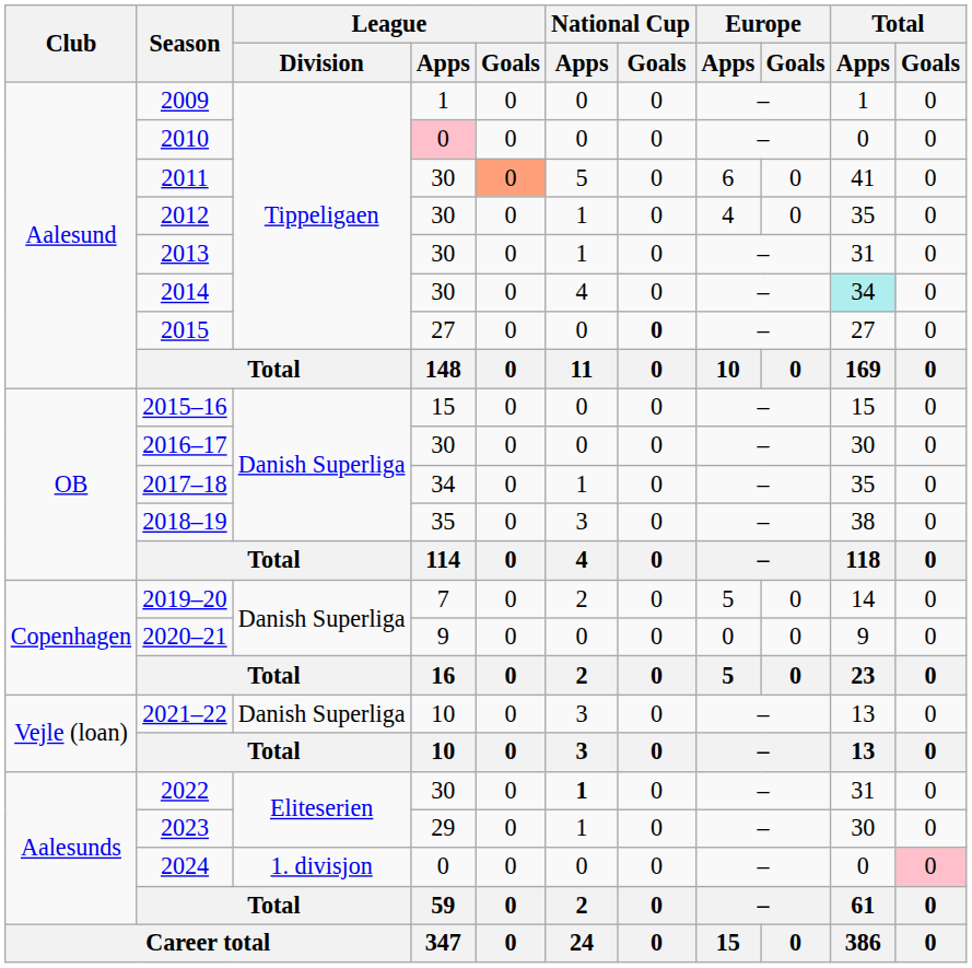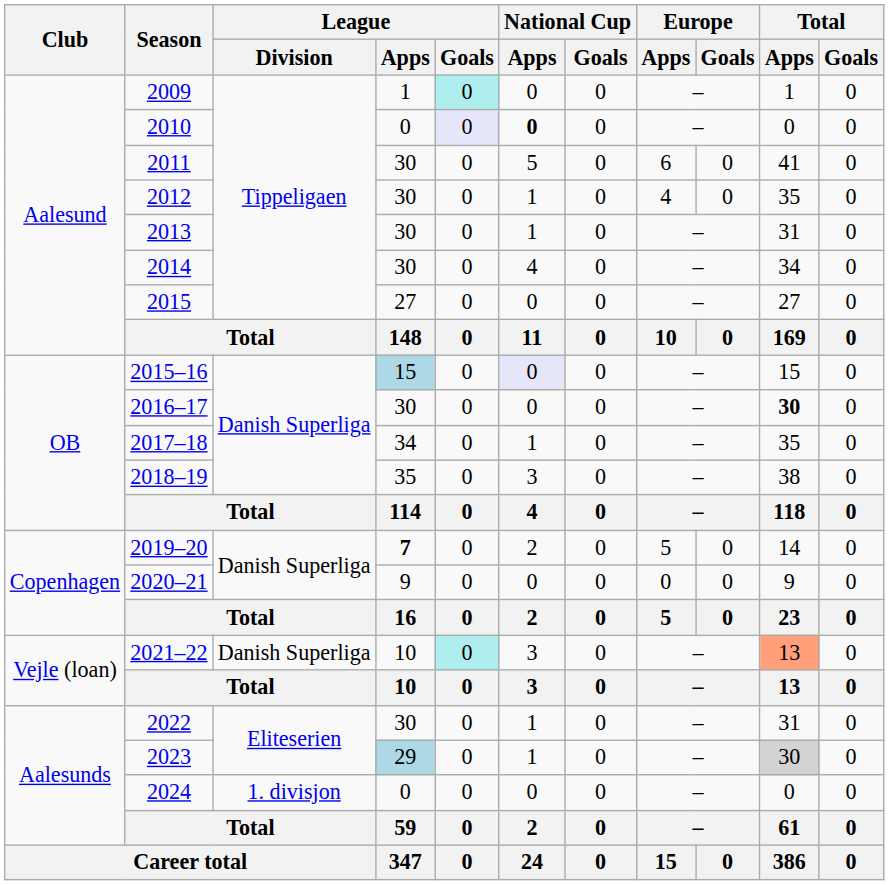 <table class="wikitable" style="text-align:center">
 <tr>
 <th rowspan="2">Club</th>
 <th rowspan="2">Season</th>
 <th colspan="3">League</th>
 <th colspan="2">National Cup</th>
 <th colspan="2">Europe</th>
 <th colspan="2">Total</th>
 </tr>
 <tr>
 <th>Division</th>
 <th>Apps</th>
 <th>Goals</th>
 <th>Apps</th>
 <th>Goals</th>
 <th>Apps</th>
 <th>Goals</th>
 <th>Apps</th>
 <th>Goals</th>
 </tr>
 <tr>
 <td rowspan="8"><a href='#'>Aalesund</a></td>
 <td><a href='#'>2009</a></td>
 <td rowspan="7"><a href='#'>Tippeligaen</a></td>
 <td>1</td>
-<td>0</td>
+<td style="background: paleturquoise;">0</td>
 <td>0</td>
 <td>0</td>
 <td colspan="2">–</td>
 <td>1</td>
 <td>0</td>
 </tr>
 <tr>
 <td><a href='#'>2010</a></td>
-<td style="background: pink;">0</td>
 <td>0</td>
-<td>0</td>
+<td style="background: lavender;">0</td>
+<td><strong>0</strong></td>
 <td>0</td>
 <td colspan="2">–</td>
 <td>0</td>
 <td>0</td>
 </tr>
 <tr>
 <td><a href='#'>2011</a></td>
 <td>30</td>
-<td style="background: lightsalmon;">0</td>
+<td>0</td>
 <td>5</td>
 <td>0</td>
 <td>6</td>
 <td>0</td>
 <td>41</td>
 <td>0</td>
 </tr>
 <tr>
 <td><a href='#'>2012</a></td>
 <td>30</td>
 <td>0</td>
 <td>1</td>
 <td>0</td>
 <td>4</td>
 <td>0</td>
 <td>35</td>
 <td>0</td>
 </tr>
 <tr>
 <td><a href='#'>2013</a></td>
 <td>30</td>
 <td>0</td>
 <td>1</td>
 <td>0</td>
 <td colspan="2">–</td>
 <td>31</td>
 <td>0</td>
 </tr>
 <tr>
 <td><a href='#'>2014</a></td>
 <td>30</td>
 <td>0</td>
 <td>4</td>
 <td>0</td>
 <td colspan="2">–</td>
-<td style="background: paleturquoise;">34</td>
+<td>34</td>
 <td>0</td>
 </tr>
 <tr>
 <td><a href='#'>2015</a></td>
 <td>27</td>
 <td>0</td>
 <td>0</td>
-<td><strong>0</strong></td>
+<td>0</td>
 <td colspan="2">–</td>
 <td>27</td>
 <td>0</td>
 </tr>
 <tr>
 <th colspan="2">Total</th>
 <th>148</th>
 <th>0</th>
 <th>11</th>
 <th>0</th>
 <th>10</th>
 <th>0</th>
 <th>169</th>
 <th>0</th>
 </tr>
 <tr>
 <td rowspan="5"><a href='#'>OB</a></td>
 <td><a href='#'>2015–16</a></td>
 <td rowspan="4"><a href='#'>Danish Superliga</a></td>
-<td>15</td>
+<td style="background: lightblue;">15</td>
 <td>0</td>
-<td>0</td>
+<td style="background: lavender;">0</td>
 <td>0</td>
 <td colspan="2">–</td>
 <td>15</td>
 <td>0</td>
 </tr>
 <tr>
 <td><a href='#'>2016–17</a></td>
 <td>30</td>
 <td>0</td>
 <td>0</td>
 <td>0</td>
 <td colspan="2">–</td>
-<td>30</td>
+<td><strong>30</strong></td>
 <td>0</td>
 </tr>
 <tr>
 <td><a href='#'>2017–18</a></td>
 <td>34</td>
 <td>0</td>
 <td>1</td>
 <td>0</td>
 <td colspan="2">–</td>
 <td>35</td>
 <td>0</td>
 </tr>
 <tr>
 <td><a href='#'>2018–19</a></td>
 <td>35</td>
 <td>0</td>
 <td>3</td>
 <td>0</td>
 <td colspan="2">–</td>
 <td>38</td>
 <td>0</td>
 </tr>
 <tr>
 <th colspan="2">Total</th>
 <th>114</th>
 <th>0</th>
 <th>4</th>
 <th>0</th>
 <th colspan="2">–</th>
 <th>118</th>
 <th>0</th>
 </tr>
 <tr>
 <td rowspan="3"><a href='#'>Copenhagen</a></td>
 <td><a href='#'>2019–20</a></td>
 <td rowspan="2">Danish Superliga</td>
-<td>7</td>
+<td><strong>7</strong></td>
 <td>0</td>
 <td>2</td>
 <td>0</td>
 <td>5</td>
 <td>0</td>
 <td>14</td>
 <td>0</td>
 </tr>
 <tr>
 <td><a href='#'>2020–21</a></td>
 <td>9</td>
 <td>0</td>
 <td>0</td>
 <td>0</td>
 <td>0</td>
 <td>0</td>
 <td>9</td>
 <td>0</td>
 </tr>
 <tr>
 <th colspan="2">Total</th>
 <th>16</th>
 <th>0</th>
 <th>2</th>
 <th>0</th>
 <th>5</th>
 <th>0</th>
 <th>23</th>
 <th>0</th>
 </tr>
 <tr>
 <td rowspan="2"><a href='#'>Vejle</a> (loan)</td>
 <td><a href='#'>2021–22</a></td>
 <td>Danish Superliga</td>
 <td>10</td>
-<td>0</td>
+<td style="background: paleturquoise;">0</td>
 <td>3</td>
 <td>0</td>
 <td colspan="2">–</td>
-<td>13</td>
+<td style="background: lightsalmon;">13</td>
 <td>0</td>
 </tr>
 <tr>
 <th colspan="2">Total</th>
 <th>10</th>
 <th>0</th>
 <th>3</th>
 <th>0</th>
 <th colspan="2">–</th>
 <th>13</th>
 <th>0</th>
 </tr>
 <tr>
 <td rowspan="4"><a href='#'>Aalesunds</a></td>
 <td><a href='#'>2022</a></td>
 <td rowspan="2"><a href='#'>Eliteserien</a></td>
 <td>30</td>
 <td>0</td>
-<td><strong>1</strong></td>
+<td>1</td>
 <td>0</td>
 <td colspan="2">–</td>
 <td>31</td>
 <td>0</td>
 </tr>
 <tr>
 <td><a href='#'>2023</a></td>
-<td>29</td>
+<td style="background: lightblue;">29</td>
 <td>0</td>
 <td>1</td>
 <td>0</td>
 <td colspan="2">–</td>
-<td>30</td>
+<td style="background: lightgrey;">30</td>
 <td>0</td>
 </tr>
 <tr>
 <td><a href='#'>2024</a></td>
 <td><a href='#'>1. divisjon</a></td>
 <td>0</td>
 <td>0</td>
 <td>0</td>
 <td>0</td>
 <td colspan="2">–</td>
 <td>0</td>
-<td style="background: pink;">0</td>
+<td>0</td>
 </tr>
 <tr>
 <th colspan="2">Total</th>
 <th>59</th>
 <th>0</th>
 <th>2</th>
 <th>0</th>
 <th colspan="2">–</th>
 <th>61</th>
 <th>0</th>
 </tr>
 <tr>
 <th colspan="3">Career total</th>
 <th>347</th>
 <th>0</th>
 <th>24</th>
 <th>0</th>
 <th>15</th>
 <th>0</th>
 <th>386</th>
 <th>0</th>
 </tr>
 </table>
